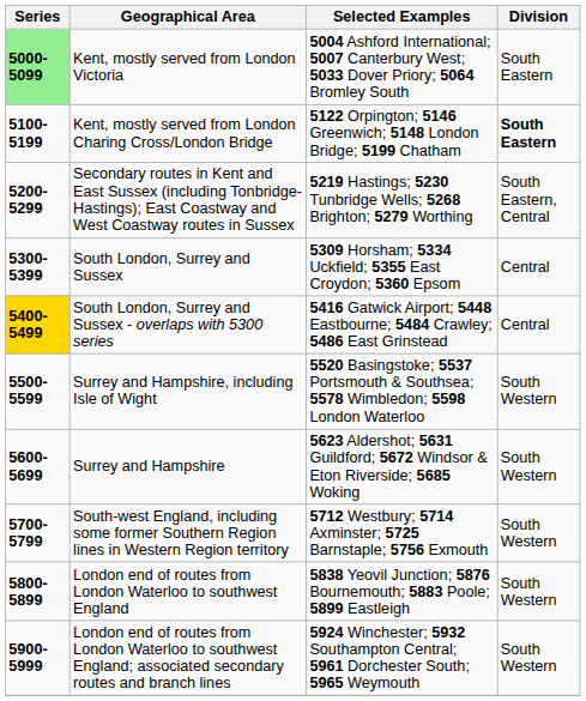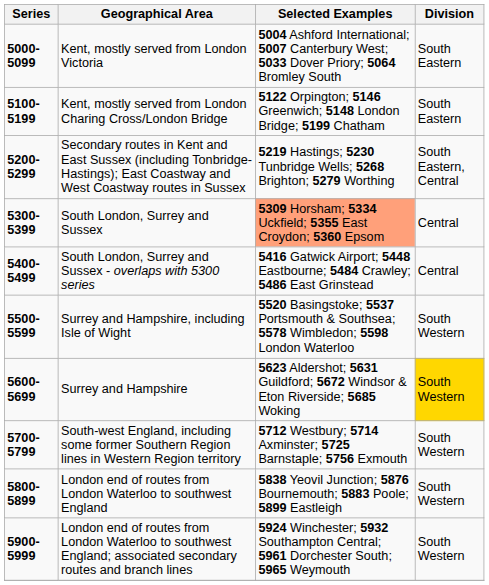 <table class="wikitable">
 <tr>
 <th width="75">Series</th>
 <th width="400">Geographical Area</th>
 <th width="300">Selected Examples</th>
 <th width="100">Division</th>
 </tr>
 <tr>
-<td style="background: lightgreen;"><strong>5000-5099</strong></td>
+<td><strong>5000-5099</strong></td>
 <td>Kent, mostly served from London Victoria</td>
 <td><strong>5004</strong> Ashford International; <strong>5007</strong> Canterbury West; <strong>5033</strong> Dover Priory; <strong>5064</strong> Bromley South</td>
 <td>South Eastern</td>
 </tr>
 <tr>
 <td><strong>5100-5199</strong></td>
 <td>Kent, mostly served from London Charing Cross/London Bridge</td>
 <td><strong>5122</strong> Orpington; <strong>5146</strong> Greenwich; <strong>5148</strong> London Bridge; <strong>5199</strong> Chatham</td>
-<td><strong>South Eastern</strong></td>
+<td>South Eastern</td>
 </tr>
 <tr>
 <td><strong>5200-5299</strong></td>
 <td>Secondary routes in Kent and East Sussex (including Tonbridge-Hastings); East Coastway and West Coastway routes in Sussex</td>
 <td><strong>5219</strong> Hastings; <strong>5230</strong> Tunbridge Wells; <strong>5268</strong> Brighton; <strong>5279</strong> Worthing</td>
 <td>South Eastern, Central</td>
 </tr>
 <tr>
 <td><strong>5300-5399</strong></td>
 <td>South London, Surrey and Sussex</td>
-<td><strong>5309</strong> Horsham; <strong>5334</strong> Uckfield; <strong>5355</strong> East Croydon; <strong>5360</strong> Epsom</td>
+<td style="background: lightsalmon;"><strong>5309</strong> Horsham; <strong>5334</strong> Uckfield; <strong>5355</strong> East Croydon; <strong>5360</strong> Epsom</td>
 <td>Central</td>
 </tr>
 <tr>
-<td style="background: gold;"><strong>5400-5499</strong></td>
+<td><strong>5400-5499</strong></td>
 <td>South London, Surrey and Sussex - <em>overlaps with 5300 series</em></td>
 <td><strong>5416</strong> Gatwick Airport; <strong>5448</strong> Eastbourne; <strong>5484</strong> Crawley; <strong>5486</strong> East Grinstead</td>
 <td>Central</td>
 </tr>
 <tr>
 <td><strong>5500-5599</strong></td>
 <td>Surrey and Hampshire, including Isle of Wight</td>
 <td><strong>5520</strong> Basingstoke; <strong>5537</strong> Portsmouth & Southsea; <strong>5578</strong> Wimbledon; <strong>5598</strong> London Waterloo</td>
 <td>South Western</td>
 </tr>
 <tr>
 <td><strong>5600-5699</strong></td>
 <td>Surrey and Hampshire</td>
 <td><strong>5623</strong> Aldershot; <strong>5631</strong> Guildford; <strong>5672</strong> Windsor & Eton Riverside; <strong>5685</strong> Woking</td>
-<td>South Western</td>
+<td style="background: gold;">South Western</td>
 </tr>
 <tr>
 <td><strong>5700-5799</strong></td>
 <td>South-west England, including some former Southern Region lines in Western Region territory</td>
 <td><strong>5712</strong> Westbury; <strong>5714</strong> Axminster; <strong>5725</strong> Barnstaple; <strong>5756</strong> Exmouth</td>
 <td>South Western</td>
 </tr>
 <tr>
 <td><strong>5800-5899</strong></td>
 <td>London end of routes from London Waterloo to southwest England</td>
 <td><strong>5838</strong> Yeovil Junction; <strong>5876</strong> Bournemouth; <strong>5883</strong> Poole; <strong>5899</strong> Eastleigh</td>
 <td>South Western</td>
 </tr>
 <tr>
 <td><strong>5900-5999</strong></td>
 <td>London end of routes from London Waterloo to southwest England; associated secondary routes and branch lines</td>
 <td><strong>5924</strong> Winchester; <strong>5932</strong> Southampton Central; <strong>5961</strong> Dorchester South; <strong>5965</strong> Weymouth</td>
 <td>South Western</td>
 </tr>
 <tr>
 </tr>
 </table>
